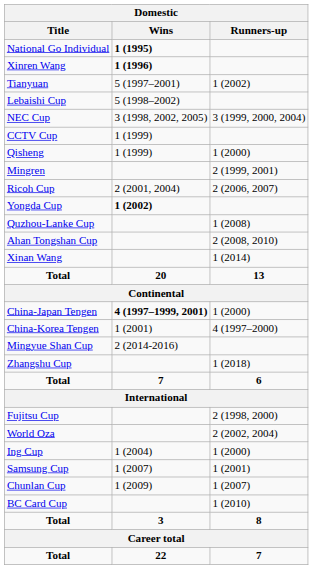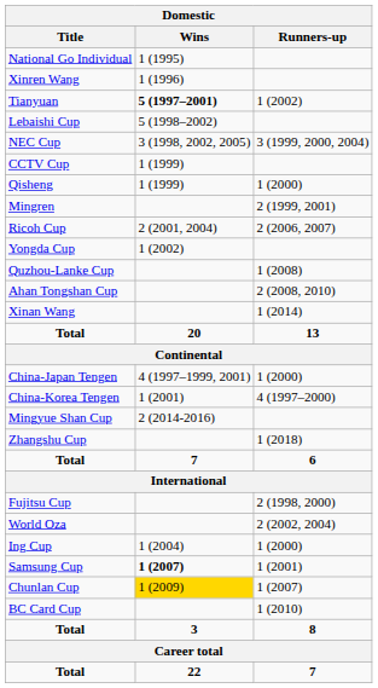 <table class="wikitable">
 <tr>
 <th colspan=3>Domestic</th>
 </tr>
 <tr>
 <th>Title</th>
 <th>Wins</th>
 <th>Runners-up</th>
 </tr>
 <tr>
 <td><a href='#'>National Go Individual</a></td>
-<td><strong>1 (1995)</strong></td>
+<td>1 (1995)</td>
 <td></td>
 </tr>
 <tr>
 <td><a href='#'>Xinren Wang</a></td>
-<td><strong>1 (1996)</strong></td>
+<td>1 (1996)</td>
 <td></td>
 </tr>
 <tr>
 <td><a href='#'>Tianyuan</a></td>
-<td>5 (1997–2001)</td>
+<td><strong>5 (1997–2001)</strong></td>
 <td>1 (2002)</td>
 </tr>
 <tr>
 <td><a href='#'>Lebaishi Cup</a></td>
 <td>5 (1998–2002)</td>
 <td></td>
 </tr>
 <tr>
 <td><a href='#'>NEC Cup</a></td>
 <td>3 (1998, 2002, 2005)</td>
 <td>3 (1999, 2000, 2004)</td>
 </tr>
 <tr>
 <td><a href='#'>CCTV Cup</a></td>
 <td>1 (1999)</td>
 <td></td>
 </tr>
 <tr>
 <td><a href='#'>Qisheng</a></td>
 <td>1 (1999)</td>
 <td>1 (2000)</td>
 </tr>
 <tr>
 <td><a href='#'>Mingren</a></td>
 <td></td>
 <td>2 (1999, 2001)</td>
 </tr>
 <tr>
 <td><a href='#'>Ricoh Cup</a></td>
 <td>2 (2001, 2004)</td>
 <td>2 (2006, 2007)</td>
 </tr>
 <tr>
 <td><a href='#'>Yongda Cup</a></td>
-<td><strong>1 (2002)</strong></td>
+<td>1 (2002)</td>
 <td></td>
 </tr>
 <tr>
 <td><a href='#'>Quzhou-Lanke Cup</a></td>
 <td></td>
 <td>1 (2008)</td>
 </tr>
 <tr>
 <td><a href='#'>Ahan Tongshan Cup</a></td>
 <td></td>
 <td>2 (2008, 2010)</td>
 </tr>
 <tr>
 <td><a href='#'>Xinan Wang</a></td>
 <td></td>
 <td>1 (2014)</td>
 </tr>
 <tr align="center">
 <td><strong>Total</strong></td>
 <td><strong>20</strong></td>
 <td><strong>13</strong></td>
 </tr>
 <tr>
 <th colspan=3>Continental</th>
 </tr>
 <tr>
 <td><a href='#'>China-Japan Tengen</a></td>
-<td><strong>4 (1997–1999, 2001)</strong></td>
+<td>4 (1997–1999, 2001)</td>
 <td>1 (2000)</td>
 </tr>
 <tr>
 <td><a href='#'>China-Korea Tengen</a></td>
 <td>1 (2001)</td>
 <td>4 (1997–2000)</td>
 </tr>
 <tr>
 <td><a href='#'>Mingyue Shan Cup</a></td>
 <td>2 (2014-2016)</td>
 <td></td>
 </tr>
 <tr>
 <td><a href='#'>Zhangshu Cup</a></td>
 <td></td>
 <td>1 (2018)</td>
 </tr>
 <tr align="center">
 <td><strong>Total</strong></td>
 <td><strong>7</strong></td>
 <td><strong>6</strong></td>
 </tr>
 <tr>
 <th colspan=3>International</th>
 </tr>
 <tr>
 <td><a href='#'>Fujitsu Cup</a></td>
 <td></td>
 <td>2 (1998, 2000)</td>
 </tr>
 <tr>
 <td><a href='#'>World Oza</a></td>
 <td></td>
 <td>2 (2002, 2004)</td>
 </tr>
 <tr>
 <td><a href='#'>Ing Cup</a></td>
 <td>1 (2004)</td>
 <td>1 (2000)</td>
 </tr>
 <tr>
 <td><a href='#'>Samsung Cup</a></td>
-<td>1 (2007)</td>
+<td><strong>1 (2007)</strong></td>
 <td>1 (2001)</td>
 </tr>
 <tr>
 <td><a href='#'>Chunlan Cup</a></td>
-<td>1 (2009)</td>
+<td style="background: gold;">1 (2009)</td>
 <td>1 (2007)</td>
 </tr>
 <tr>
 <td><a href='#'>BC Card Cup</a></td>
 <td></td>
 <td>1 (2010)</td>
 </tr>
 <tr align="center">
 <td><strong>Total</strong></td>
 <td><strong>3</strong></td>
 <td><strong>8</strong></td>
 </tr>
 <tr>
 <th colspan=3>Career total</th>
 </tr>
 <tr align="center">
 <td><strong>Total</strong></td>
 <td><strong>22</strong></td>
 <td><strong>7</strong></td>
 </tr>
 </table>
